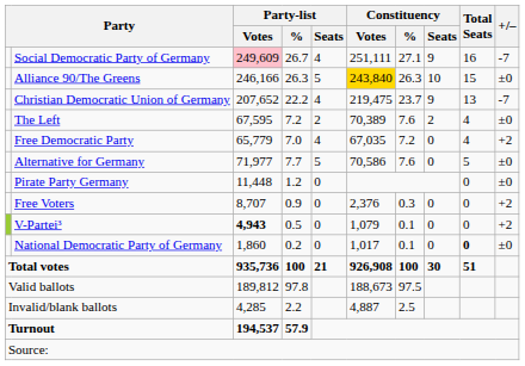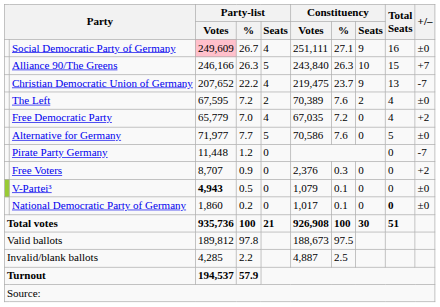 <table class="wikitable">
 <tr>
 <th colspan="2" rowspan="2">Party</th>
 <th colspan="3"><strong>Party-list</strong></th>
 <th colspan="3"><strong>Constituency</strong></th>
 <th rowspan="2">Total<br>Seats</th>
 <th rowspan="2">+/–</th>
 </tr>
 <tr>
 <th>Votes</th>
 <th>%</th>
 <th>Seats</th>
 <th>Votes</th>
 <th>%</th>
 <th>Seats</th>
 </tr>
 <tr>
 <td></td>
 <td><a href='#'>Social Democratic Party of Germany</a></td>
 <td style="background: pink;">249,609</td>
 <td>26.7</td>
 <td>4</td>
 <td>251,111</td>
 <td>27.1</td>
 <td>9</td>
 <td>16</td>
-<td>-7</td>
+<td>±0</td>
 </tr>
 <tr>
 <td></td>
 <td><a href='#'>Alliance 90/The Greens</a></td>
 <td>246,166</td>
 <td>26.3</td>
 <td>5</td>
-<td style="background: gold;">243,840</td>
+<td>243,840</td>
 <td>26.3</td>
 <td>10</td>
 <td>15</td>
-<td>±0</td>
+<td>+7</td>
 </tr>
 <tr>
 <td></td>
 <td><a href='#'>Christian Democratic Union of Germany</a></td>
 <td>207,652</td>
 <td>22.2</td>
 <td>4</td>
 <td>219,475</td>
 <td>23.7</td>
 <td>9</td>
 <td>13</td>
 <td>-7</td>
 </tr>
 <tr>
 <td></td>
 <td><a href='#'>The Left</a></td>
 <td>67,595</td>
 <td>7.2</td>
 <td>2</td>
 <td>70,389</td>
 <td>7.6</td>
 <td>2</td>
 <td>4</td>
 <td>±0</td>
 </tr>
 <tr>
 <td></td>
 <td><a href='#'>Free Democratic Party</a></td>
 <td>65,779</td>
 <td>7.0</td>
 <td>4</td>
 <td>67,035</td>
 <td>7.2</td>
 <td>0</td>
 <td>4</td>
 <td>+2</td>
 </tr>
 <tr>
 <td></td>
 <td><a href='#'>Alternative for Germany</a></td>
 <td>71,977</td>
 <td>7.7</td>
 <td>5</td>
 <td>70,586</td>
 <td>7.6</td>
 <td>0</td>
 <td>5</td>
 <td>±0</td>
 </tr>
 <tr>
 <td></td>
 <td><a href='#'>Pirate Party Germany</a></td>
 <td>11,448</td>
 <td>1.2</td>
 <td>0</td>
 <td colspan="3"></td>
 <td>0</td>
-<td>±0</td>
+<td>-7</td>
 </tr>
 <tr>
 <td></td>
 <td><a href='#'>Free Voters</a></td>
 <td>8,707</td>
 <td>0.9</td>
 <td>0</td>
 <td>2,376</td>
 <td>0.3</td>
 <td>0</td>
 <td>0</td>
 <td>+2</td>
 </tr>
 <tr>
 <td bgcolor="#99CC33"></td>
 <td><a href='#'>V-Partei³</a></td>
 <td><strong>4,943</strong></td>
 <td>0.5</td>
 <td>0</td>
 <td>1,079</td>
 <td>0.1</td>
 <td>0</td>
 <td>0</td>
-<td>+2</td>
+<td>±0</td>
 </tr>
 <tr>
 <td></td>
 <td><a href='#'>National Democratic Party of Germany</a></td>
 <td>1,860</td>
 <td>0.2</td>
 <td>0</td>
 <td>1,017</td>
 <td>0.1</td>
 <td>0</td>
 <td><strong>0</strong></td>
 <td>±0</td>
 </tr>
 <tr>
 <td colspan="2"><strong>Total votes</strong></td>
 <td><strong>935,736</strong></td>
 <td><strong>100</strong></td>
 <td><strong>21</strong></td>
 <td><strong>926,908</strong></td>
 <td><strong>100</strong></td>
 <td><strong>30</strong></td>
 <td><strong>51</strong></td>
 <td></td>
 </tr>
 <tr>
 <td colspan="2">Valid ballots</td>
 <td>189,812</td>
 <td>97.8</td>
 <td></td>
 <td>188,673</td>
 <td>97.5</td>
 <td></td>
 <td></td>
 <td></td>
 </tr>
 <tr>
 <td colspan="2">Invalid/blank ballots</td>
 <td>4,285</td>
 <td>2.2</td>
 <td></td>
 <td>4,887</td>
 <td>2.5</td>
 <td></td>
 <td></td>
 <td></td>
 </tr>
 <tr>
 <td colspan="2"><strong>Turnout</strong></td>
 <td><strong>194,537</strong></td>
 <td><strong>57.9</strong></td>
 <td colspan="6"></td>
 </tr>
 <tr>
 <td colspan="10">Source: </td>
 </tr>
 </table>
